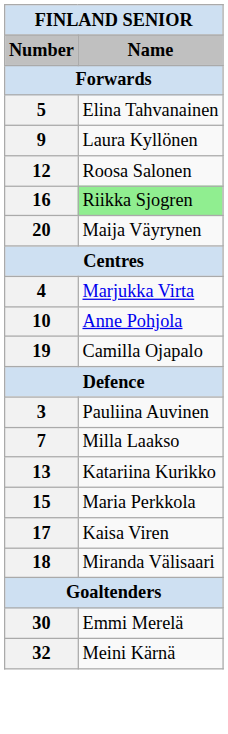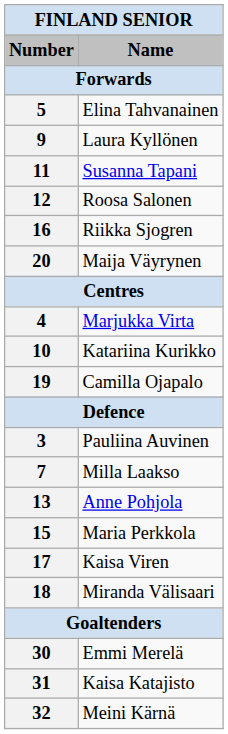 <table class="wikitable" style="text-align:left; font-size:90%;">
 <tr>
 <th style=background:#CEE0F2 colspan=2><span>FINLAND SENIOR</span></th>
 </tr>
 <tr>
 <th style="background:silver;">Number</th>
 <th style="background:silver;">Name</th>
 </tr>
 <tr>
 <th style=background:#CEE0F2 colspan=2><span>Forwards</span></th>
 </tr>
 <tr>
 <th>5</th>
 <td>Elina Tahvanainen</td>
 </tr>
 <tr>
 <th>9</th>
 <td>Laura Kyllönen</td>
 </tr>
 <tr>
+<th>11</th>
+<td><a href='#'>Susanna Tapani</a></td>
+</tr>
+<tr>
 <th>12</th>
 <td>Roosa Salonen</td>
 </tr>
 <tr>
 <th>16</th>
-<td style="background: lightgreen;">Riikka Sjogren</td>
+<td>Riikka Sjogren</td>
 </tr>
 <tr>
 <th>20</th>
 <td>Maija Väyrynen</td>
 </tr>
 <tr>
 <th style=background:#CEE0F2 colspan=2><span>Centres</span></th>
 </tr>
 <tr>
 <th>4</th>
 <td><a href='#'>Marjukka Virta</a></td>
 </tr>
 <tr>
 <th>10</th>
-<td><a href='#'>Anne Pohjola</a></td>
+<td>Katariina Kurikko</td>
 </tr>
 <tr>
 <th>19</th>
 <td>Camilla Ojapalo</td>
 </tr>
 <tr>
 <th style=background:#CEE0F2 colspan=2><span>Defence</span></th>
 </tr>
 <tr>
 <th>3</th>
 <td>Pauliina Auvinen</td>
 </tr>
 <tr>
 <th>7</th>
 <td>Milla Laakso</td>
 </tr>
 <tr>
 <th>13</th>
-<td>Katariina Kurikko</td>
+<td><a href='#'>Anne Pohjola</a></td>
 </tr>
 <tr>
 <th>15</th>
 <td>Maria Perkkola</td>
 </tr>
 <tr>
 <th>17</th>
 <td>Kaisa Viren</td>
 </tr>
 <tr>
 <th>18</th>
 <td>Miranda Välisaari</td>
 </tr>
 <tr>
 <th style=background:#CEE0F2 colspan=2><span>Goaltenders</span></th>
 </tr>
 <tr>
 <th>30</th>
 <td>Emmi Merelä</td>
 </tr>
 <tr>
+<th>31</th>
+<td>Kaisa Katajisto</td>
+</tr>
+<tr>
 <th>32</th>
 <td>Meini Kärnä</td>
 </tr>
 </table>
